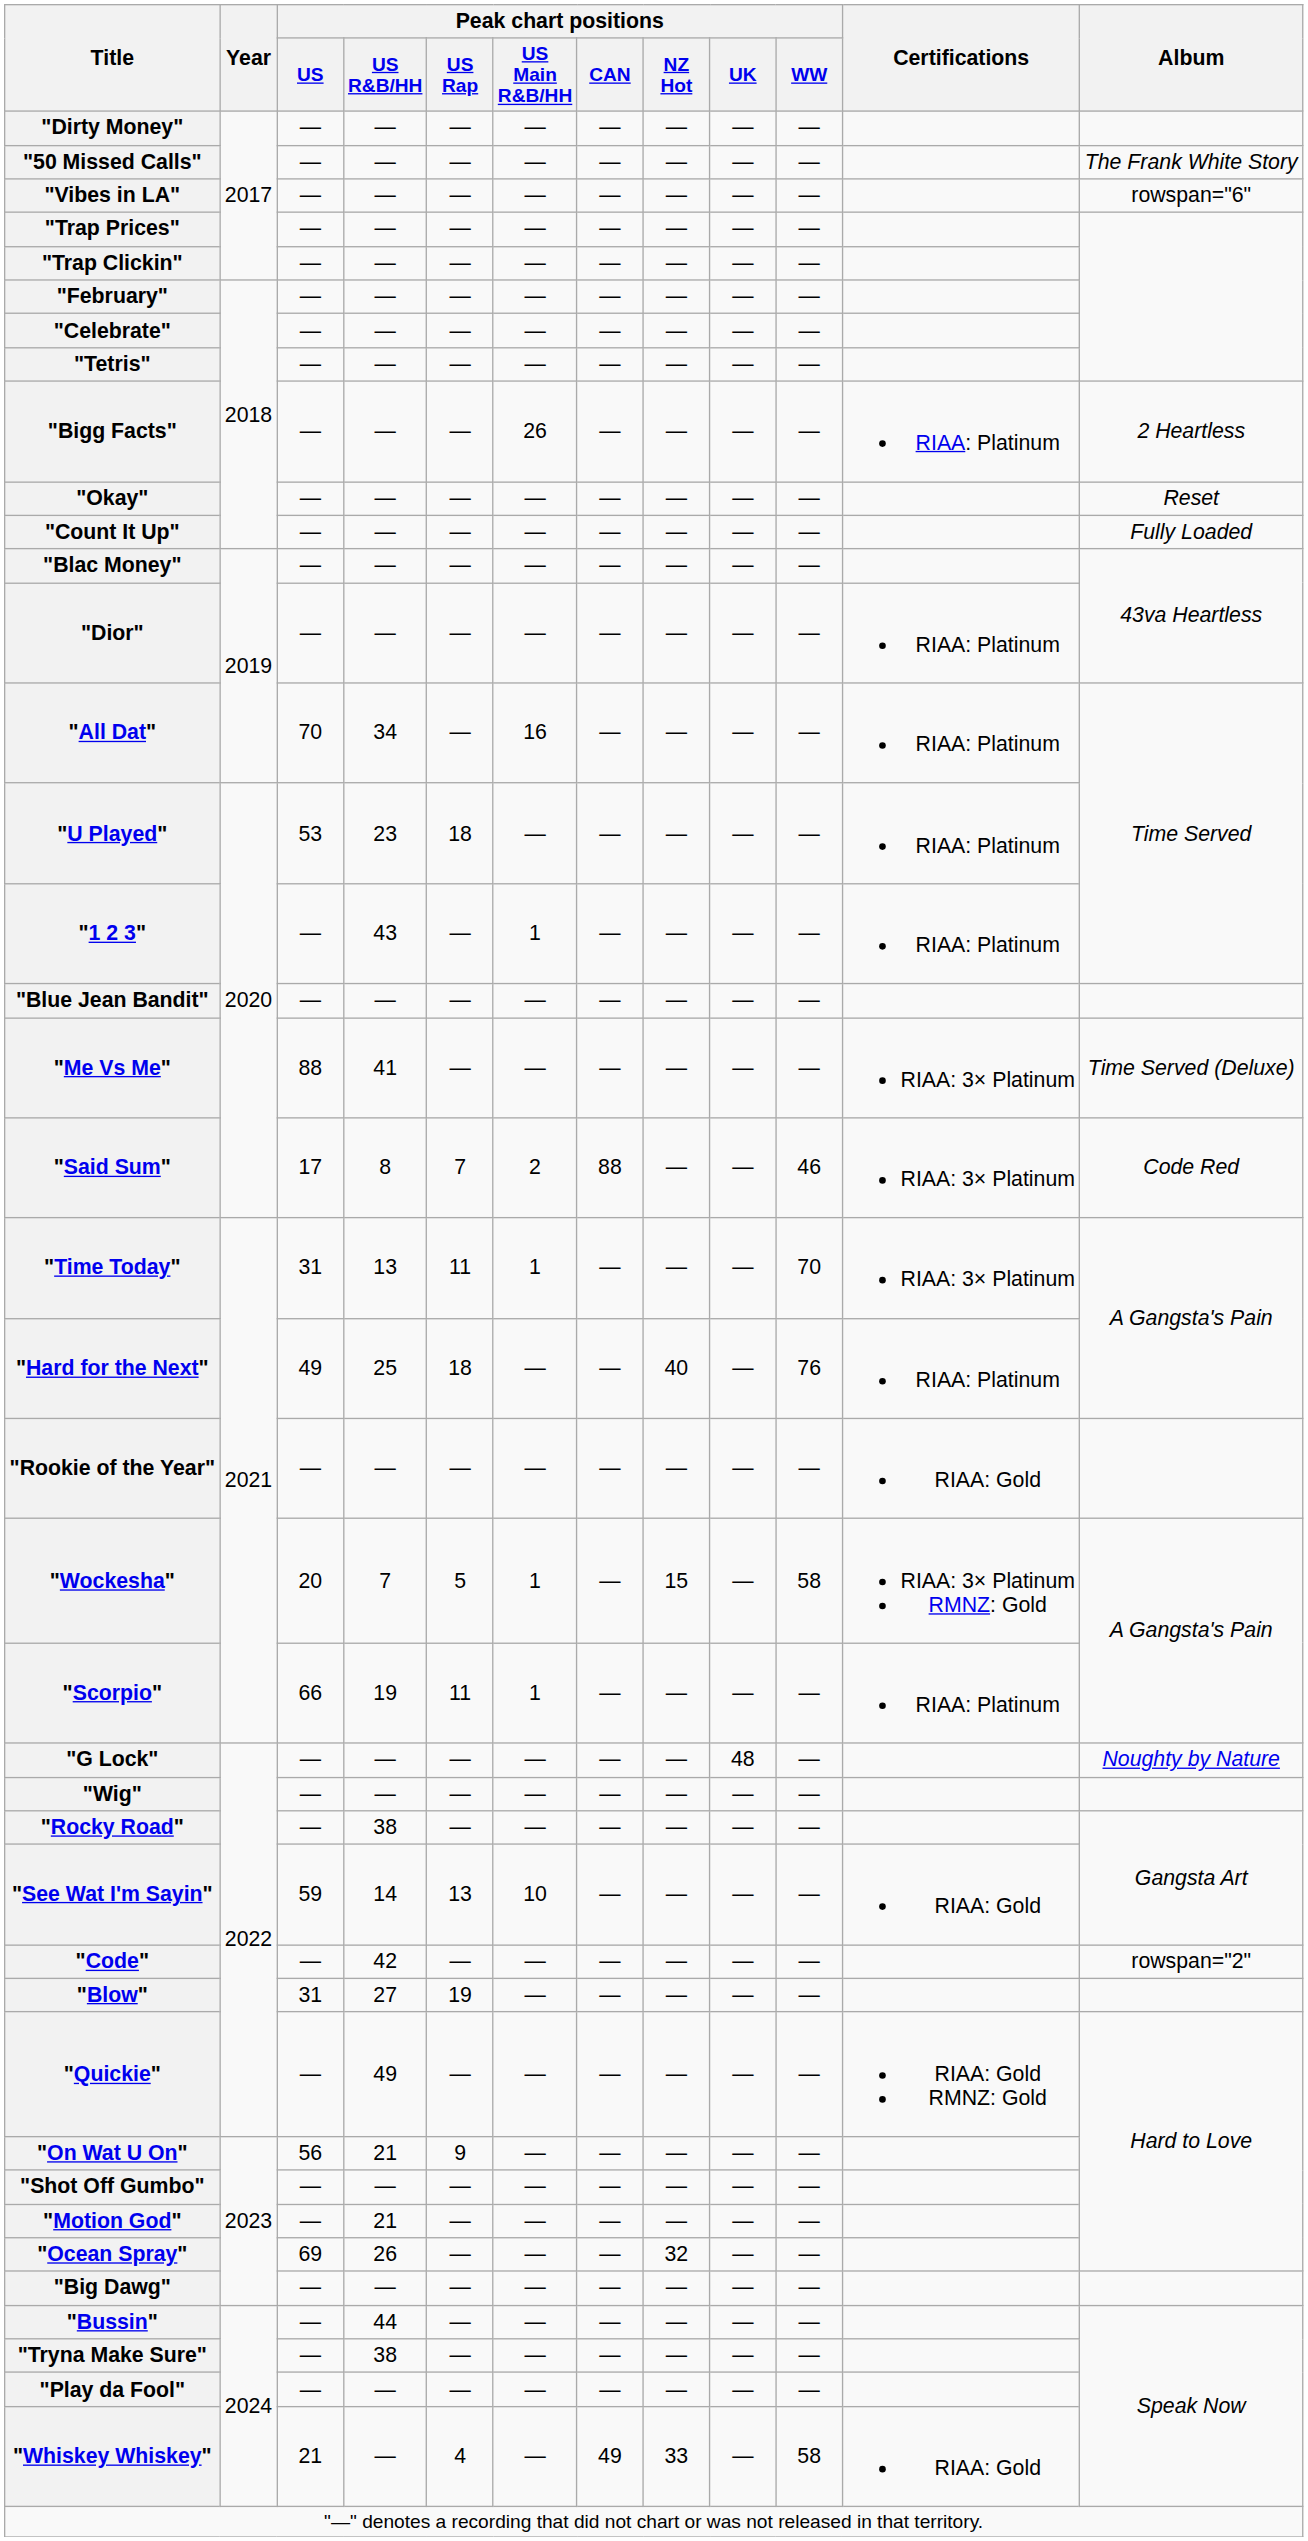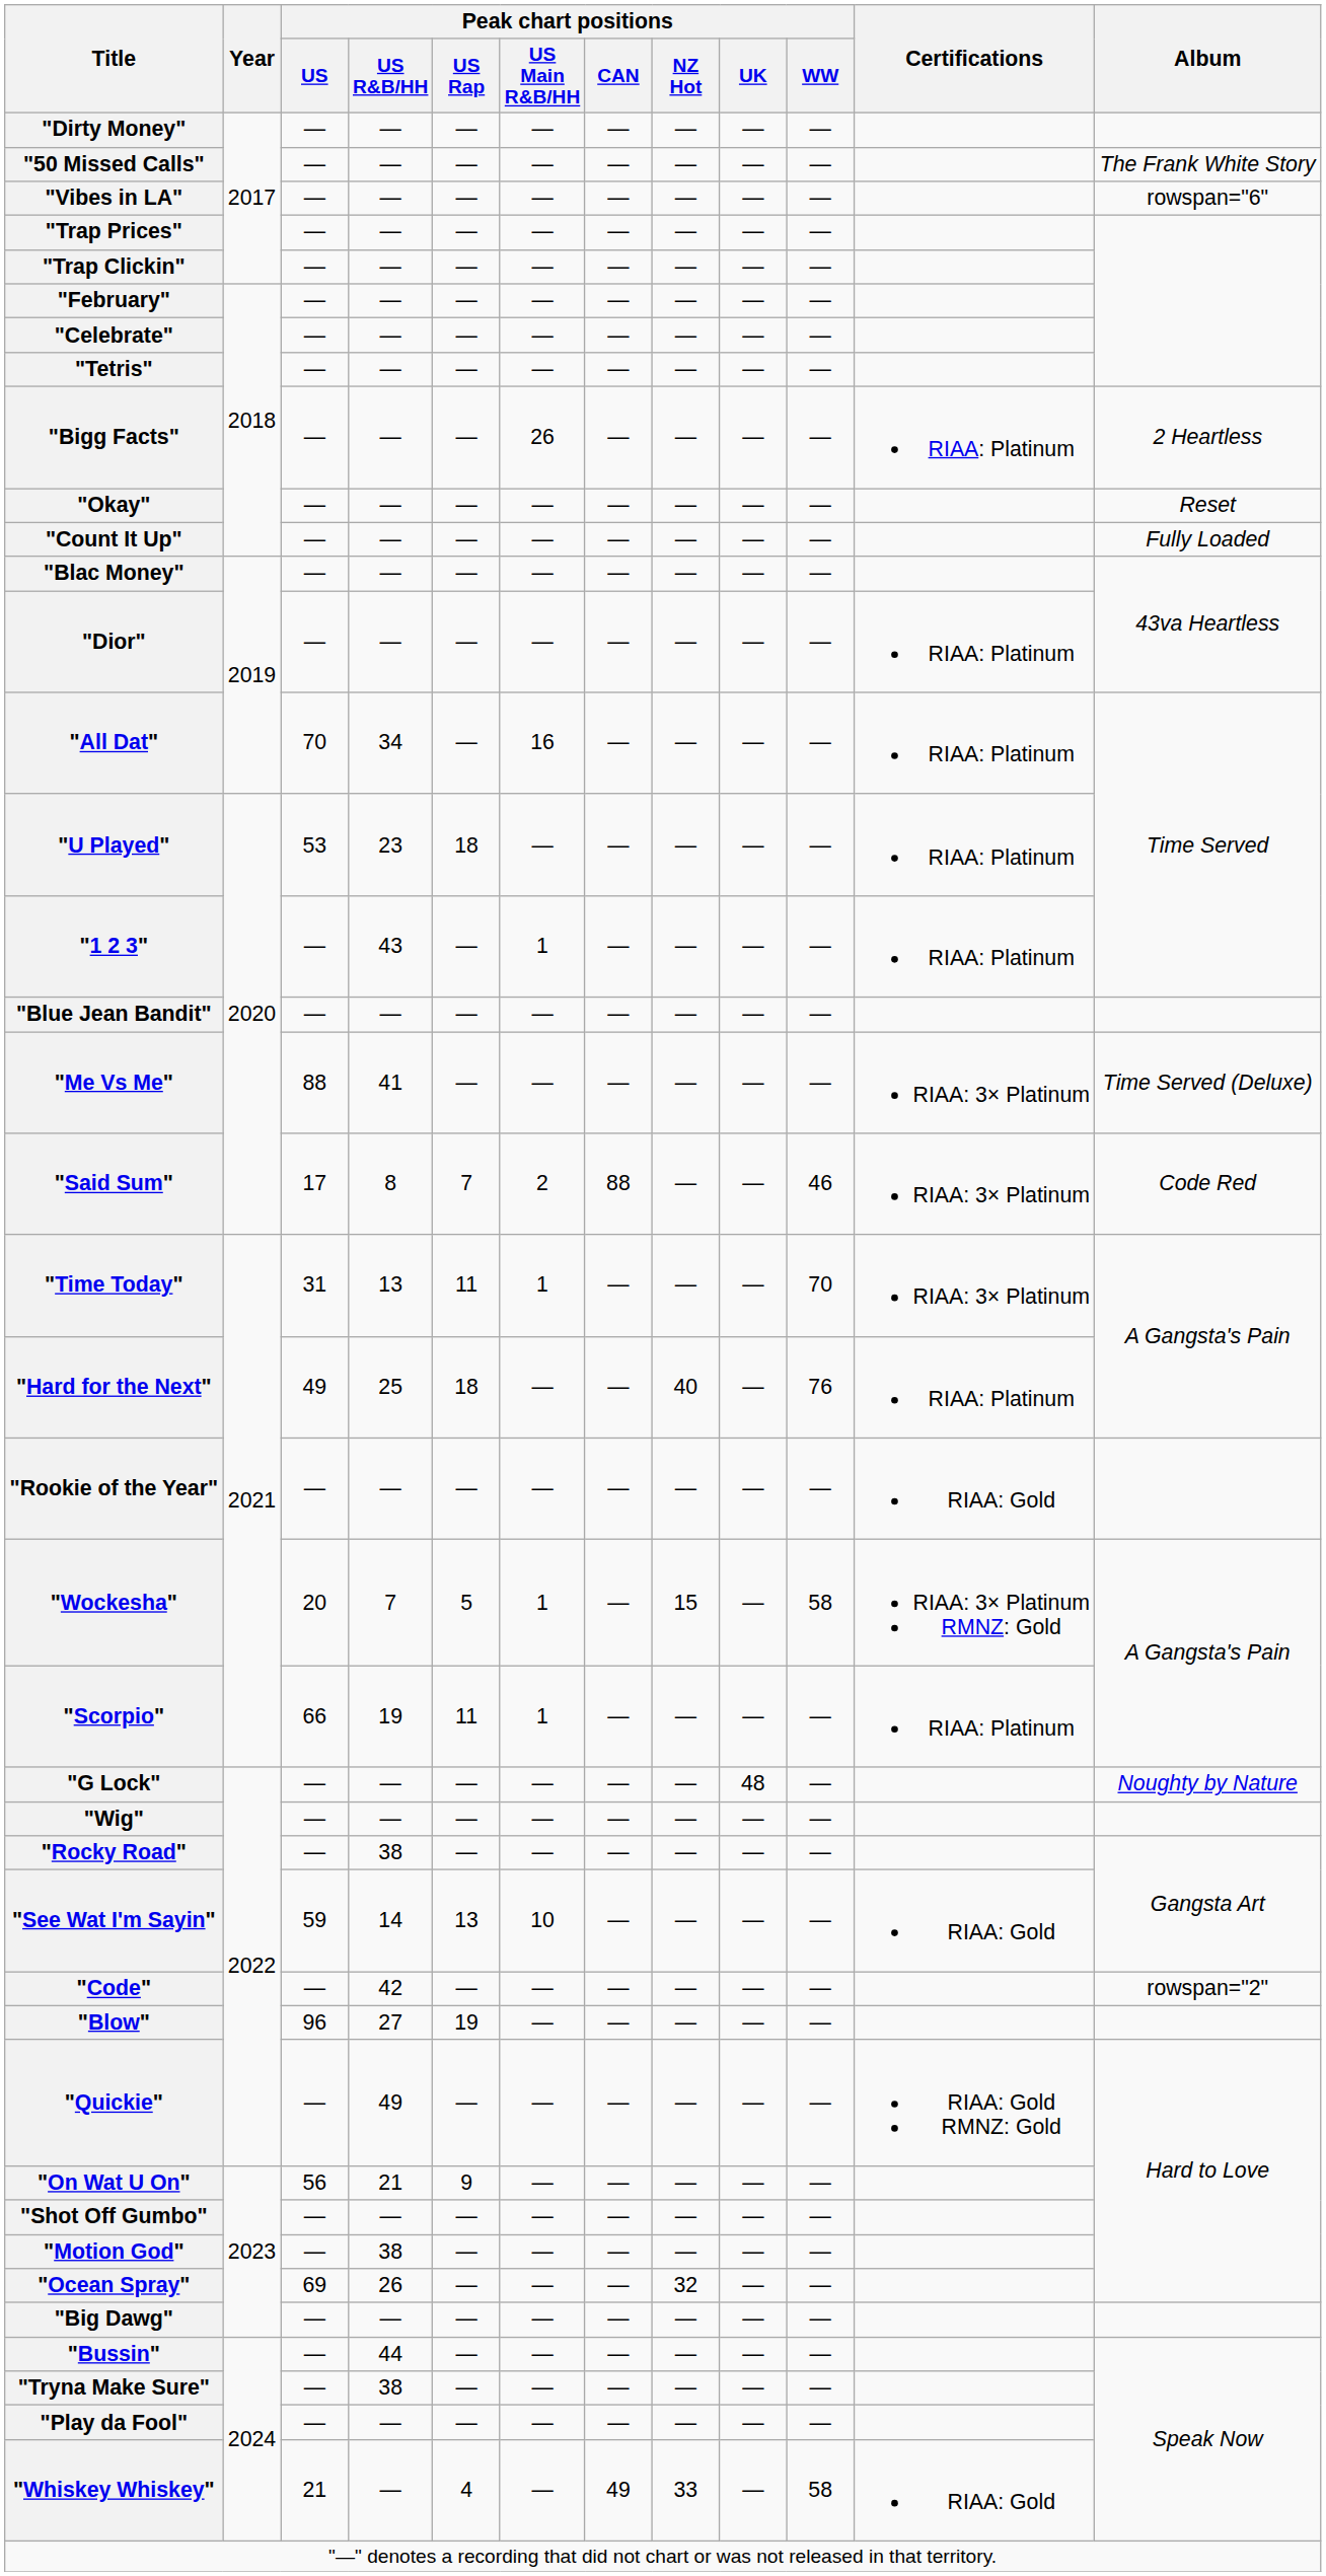 <table class="wikitable plainrowheaders" style="text-align:center">
 <tr>
 <th scope="col" rowspan="2">Title</th>
 <th scope="col" rowspan="2">Year</th>
 <th scope="col" colspan="8">Peak chart positions</th>
 <th scope="col" rowspan="2">Certifications</th>
 <th scope="col" rowspan="2">Album</th>
 </tr>
 <tr>
 <th scope="col" style="width:3em;font-size:90%;"><a href='#'>US</a><br></th>
 <th scope="col" style="width:3em;font-size:90%;"><a href='#'>US<br>R&B/HH</a><br></th>
 <th scope="col" style="width:3em;font-size:90%;"><a href='#'>US<br>Rap</a><br></th>
 <th scope="col" style="width:3em;font-size:90%;"><a href='#'>US<br>Main<br>R&B/HH</a><br></th>
 <th scope="col" style="width:3em;font-size:90%;"><a href='#'>CAN</a><br></th>
 <th scope="col" style="width:3em;font-size:90%;"><a href='#'>NZ<br>Hot</a><br></th>
 <th scope="col" style="width:3em;font-size:90%;"><a href='#'>UK</a><br></th>
 <th scope="col" style="width:3em;font-size:90%;"><a href='#'>WW</a><br></th>
 </tr>
 <tr>
 <th scope="row">"Dirty Money"<br></th>
 <td rowspan="5">2017</td>
 <td>—</td>
 <td>—</td>
 <td>—</td>
 <td>—</td>
 <td>—</td>
 <td>—</td>
 <td>—</td>
 <td>—</td>
 <td></td>
 <td></td>
 </tr>
 <tr>
 <th scope="row">"50 Missed Calls"<br></th>
 <td>—</td>
 <td>—</td>
 <td>—</td>
 <td>—</td>
 <td>—</td>
 <td>—</td>
 <td>—</td>
 <td>—</td>
 <td></td>
 <td><em>The Frank White Story</em></td>
 </tr>
 <tr>
 <th scope="row">"Vibes in LA"<br></th>
 <td>—</td>
 <td>—</td>
 <td>—</td>
 <td>—</td>
 <td>—</td>
 <td>—</td>
 <td>—</td>
 <td>—</td>
 <td></td>
 <td>rowspan="6" </td>
 </tr>
 <tr>
 <th scope="row">"Trap Prices"<br></th>
 <td>—</td>
 <td>—</td>
 <td>—</td>
 <td>—</td>
 <td>—</td>
 <td>—</td>
 <td>—</td>
 <td>—</td>
 <td></td>
 </tr>
 <tr>
 <th scope="row">"Trap Clickin"<br></th>
 <td>—</td>
 <td>—</td>
 <td>—</td>
 <td>—</td>
 <td>—</td>
 <td>—</td>
 <td>—</td>
 <td>—</td>
 <td></td>
 </tr>
 <tr>
 <th scope="row">"February"<br></th>
 <td rowspan="6">2018</td>
 <td>—</td>
 <td>—</td>
 <td>—</td>
 <td>—</td>
 <td>—</td>
 <td>—</td>
 <td>—</td>
 <td>—</td>
 <td></td>
 </tr>
 <tr>
 <th scope="row">"Celebrate"<br></th>
 <td>—</td>
 <td>—</td>
 <td>—</td>
 <td>—</td>
 <td>—</td>
 <td>—</td>
 <td>—</td>
 <td>—</td>
 <td></td>
 </tr>
 <tr>
 <th scope="row">"Tetris"<br></th>
 <td>—</td>
 <td>—</td>
 <td>—</td>
 <td>—</td>
 <td>—</td>
 <td>—</td>
 <td>—</td>
 <td>—</td>
 <td></td>
 </tr>
 <tr>
 <th scope="row">"Bigg Facts"</th>
 <td>—</td>
 <td>—</td>
 <td>—</td>
 <td>26</td>
 <td>—</td>
 <td>—</td>
 <td>—</td>
 <td>—</td>
 <td><br><ul><li><a href='#'>RIAA</a>: Platinum</li></ul></td>
 <td><em>2 Heartless</em></td>
 </tr>
 <tr>
 <th scope="row">"Okay"<br></th>
 <td>—</td>
 <td>—</td>
 <td>—</td>
 <td>—</td>
 <td>—</td>
 <td>—</td>
 <td>—</td>
 <td>—</td>
 <td></td>
 <td><em>Reset</em></td>
 </tr>
 <tr>
 <th scope="row">"Count It Up"<br></th>
 <td>—</td>
 <td>—</td>
 <td>—</td>
 <td>—</td>
 <td>—</td>
 <td>—</td>
 <td>—</td>
 <td>—</td>
 <td></td>
 <td><em>Fully Loaded</em></td>
 </tr>
 <tr>
 <th scope="row">"Blac Money"<br></th>
 <td rowspan="3">2019</td>
 <td>—</td>
 <td>—</td>
 <td>—</td>
 <td>—</td>
 <td>—</td>
 <td>—</td>
 <td>—</td>
 <td>—</td>
 <td></td>
 <td rowspan="2"><em>43va Heartless</em></td>
 </tr>
 <tr>
 <th scope="row">"Dior"<br></th>
 <td>—</td>
 <td>—</td>
 <td>—</td>
 <td>—</td>
 <td>—</td>
 <td>—</td>
 <td>—</td>
 <td>—</td>
 <td><br><ul><li>RIAA: Platinum</li></ul></td>
 </tr>
 <tr>
 <th scope="row">"<a href='#'>All Dat</a>"<br></th>
 <td>70</td>
 <td>34</td>
 <td>—</td>
 <td>16</td>
 <td>—</td>
 <td>—</td>
 <td>—</td>
 <td>—</td>
 <td><br><ul><li>RIAA: Platinum</li></ul></td>
 <td rowspan="3"><em>Time Served</em></td>
 </tr>
 <tr>
 <th scope="row">"<a href='#'>U Played</a>"<br></th>
 <td rowspan="5">2020</td>
 <td>53</td>
 <td>23</td>
 <td>18</td>
 <td>—</td>
 <td>—</td>
 <td>—</td>
 <td>—</td>
 <td>—</td>
 <td><br><ul><li>RIAA: Platinum</li></ul></td>
 </tr>
 <tr>
 <th scope="row">"<a href='#'>1 2 3</a>"<br></th>
 <td>—</td>
 <td>43</td>
 <td>—</td>
 <td>1</td>
 <td>—</td>
 <td>—</td>
 <td>—</td>
 <td>—</td>
 <td><br><ul><li>RIAA: Platinum</li></ul></td>
 </tr>
 <tr>
 <th scope="row">"Blue Jean Bandit"<br></th>
 <td>—</td>
 <td>—</td>
 <td>—</td>
 <td>—</td>
 <td>—</td>
 <td>—</td>
 <td>—</td>
 <td>—</td>
 <td></td>
 <td></td>
 </tr>
 <tr>
 <th scope="row">"<a href='#'>Me Vs Me</a>"</th>
 <td>88</td>
 <td>41</td>
 <td>—</td>
 <td>—</td>
 <td>—</td>
 <td>—</td>
 <td>—</td>
 <td>—</td>
 <td><br><ul><li>RIAA: 3× Platinum</li></ul></td>
 <td><em>Time Served (Deluxe)</em></td>
 </tr>
 <tr>
 <th scope="row">"<a href='#'>Said Sum</a>"<br></th>
 <td>17</td>
 <td>8</td>
 <td>7</td>
 <td>2</td>
 <td>88</td>
 <td>—</td>
 <td>—</td>
 <td>46</td>
 <td><br><ul><li>RIAA: 3× Platinum</li></ul></td>
 <td><em>Code Red</em></td>
 </tr>
 <tr>
 <th scope="row">"<a href='#'>Time Today</a>"</th>
 <td rowspan="5">2021</td>
 <td>31</td>
 <td>13</td>
 <td>11</td>
 <td>1</td>
 <td>—</td>
 <td>—</td>
 <td>—</td>
 <td>70</td>
 <td><br><ul><li>RIAA: 3× Platinum</li></ul></td>
 <td rowspan="2"><em>A Gangsta's Pain</em></td>
 </tr>
 <tr>
 <th scope="row">"<a href='#'>Hard for the Next</a>"<br></th>
 <td>49</td>
 <td>25</td>
 <td>18</td>
 <td>—</td>
 <td>—</td>
 <td>40</td>
 <td>—</td>
 <td>76</td>
 <td><br><ul><li>RIAA: Platinum</li></ul></td>
 </tr>
 <tr>
 <th scope="row">"Rookie of the Year"</th>
 <td>—</td>
 <td>—</td>
 <td>—</td>
 <td>—</td>
 <td>—</td>
 <td>—</td>
 <td>—</td>
 <td>—</td>
 <td><br><ul><li>RIAA: Gold</li></ul></td>
 <td></td>
 </tr>
 <tr>
 <th scope="row">"<a href='#'>Wockesha</a>"</th>
 <td>20</td>
 <td>7</td>
 <td>5</td>
 <td>1</td>
 <td>—</td>
 <td>15</td>
 <td>—</td>
 <td>58</td>
 <td><br><ul><li>RIAA: 3× Platinum</li><li><a href='#'>RMNZ</a>: Gold</li></ul></td>
 <td rowspan="2"><em>A Gangsta's Pain</em></td>
 </tr>
 <tr>
 <th scope="row">"<a href='#'>Scorpio</a>"</th>
 <td>66</td>
 <td>19</td>
 <td>11</td>
 <td>1</td>
 <td>—</td>
 <td>—</td>
 <td>—</td>
 <td>—</td>
 <td><br><ul><li>RIAA: Platinum</li></ul></td>
 </tr>
 <tr>
 <th scope="row">"G Lock"<br></th>
 <td rowspan="7">2022</td>
 <td>—</td>
 <td>—</td>
 <td>—</td>
 <td>—</td>
 <td>—</td>
 <td>—</td>
 <td>48</td>
 <td>—</td>
 <td></td>
 <td><em><a href='#'>Noughty by Nature</a></em></td>
 </tr>
 <tr>
 <th scope="row">"Wig"<br></th>
 <td>—</td>
 <td>—</td>
 <td>—</td>
 <td>—</td>
 <td>—</td>
 <td>—</td>
 <td>—</td>
 <td>—</td>
 <td></td>
 <td></td>
 </tr>
 <tr>
 <th scope="row">"<a href='#'>Rocky Road</a>"<br></th>
 <td>—</td>
 <td>38</td>
 <td>—</td>
 <td>—</td>
 <td>—</td>
 <td>—</td>
 <td>—</td>
 <td>—</td>
 <td></td>
 <td rowspan="2"><em>Gangsta Art</em></td>
 </tr>
 <tr>
 <th scope="row">"<a href='#'>See Wat I'm Sayin</a>"</th>
 <td>59</td>
 <td>14</td>
 <td>13</td>
 <td>10</td>
 <td>—</td>
 <td>—</td>
 <td>—</td>
 <td>—</td>
 <td><br><ul><li>RIAA: Gold</li></ul></td>
 </tr>
 <tr>
 <th scope="row">"<a href='#'>Code</a>"<br></th>
 <td>—</td>
 <td>42</td>
 <td>—</td>
 <td>—</td>
 <td>—</td>
 <td>—</td>
 <td>—</td>
 <td>—</td>
 <td></td>
 <td>rowspan="2" </td>
 </tr>
 <tr>
 <th scope="row">"<a href='#'>Blow</a>"</th>
-<td>31</td>
+<td>96</td>
 <td>27</td>
 <td>19</td>
 <td>—</td>
 <td>—</td>
 <td>—</td>
 <td>—</td>
 <td>—</td>
 <td></td>
 </tr>
 <tr>
 <th scope="row">"<a href='#'>Quickie</a>"</th>
 <td>—</td>
 <td>49</td>
 <td>—</td>
 <td>—</td>
 <td>—</td>
 <td>—</td>
 <td>—</td>
 <td>—</td>
 <td><br><ul><li>RIAA: Gold</li><li>RMNZ: Gold</li></ul></td>
 <td rowspan="5"><em>Hard to Love</em></td>
 </tr>
 <tr>
 <th scope="row">"<a href='#'>On Wat U On</a>"<br></th>
 <td rowspan="5">2023</td>
 <td>56</td>
 <td>21</td>
 <td>9</td>
 <td>—</td>
 <td>—</td>
 <td>—</td>
 <td>—</td>
 <td>—</td>
 <td></td>
 </tr>
 <tr>
 <th scope="row">"Shot Off Gumbo"<br></th>
 <td>—</td>
 <td>—</td>
 <td>—</td>
 <td>—</td>
 <td>—</td>
 <td>—</td>
 <td>—</td>
 <td>—</td>
 <td></td>
 </tr>
 <tr>
 <th scope="row">"<a href='#'>Motion God</a>"</th>
 <td>—</td>
-<td>21</td>
+<td>38</td>
 <td>—</td>
 <td>—</td>
 <td>—</td>
 <td>—</td>
 <td>—</td>
 <td>—</td>
 <td></td>
 </tr>
 <tr>
 <th scope="row">"<a href='#'>Ocean Spray</a>"</th>
 <td>69</td>
 <td>26</td>
 <td>—</td>
 <td>—</td>
 <td>—</td>
 <td>32</td>
 <td>—</td>
 <td>—</td>
 <td></td>
 </tr>
 <tr>
 <th scope="row">"Big Dawg" <br></th>
 <td>—</td>
 <td>—</td>
 <td>—</td>
 <td>—</td>
 <td>—</td>
 <td>—</td>
 <td>—</td>
 <td>—</td>
 <td></td>
 <td></td>
 </tr>
 <tr>
 <th scope="row">"<a href='#'>Bussin</a>"<br></th>
 <td rowspan="4">2024</td>
 <td>—</td>
 <td>44</td>
 <td>—</td>
 <td>—</td>
 <td>—</td>
 <td>—</td>
 <td>—</td>
 <td>—</td>
 <td></td>
 <td rowspan="4"><em>Speak Now</em></td>
 </tr>
 <tr>
 <th scope="row">"Tryna Make Sure"</th>
 <td>—</td>
 <td>38</td>
 <td>—</td>
 <td>—</td>
 <td>—</td>
 <td>—</td>
 <td>—</td>
 <td>—</td>
 <td></td>
 </tr>
 <tr>
 <th scope="row">"Play da Fool"</th>
 <td>—</td>
 <td>—</td>
 <td>—</td>
 <td>—</td>
 <td>—</td>
 <td>—</td>
 <td>—</td>
 <td>—</td>
 <td></td>
 </tr>
 <tr>
 <th scope="row">"<a href='#'>Whiskey Whiskey</a>"<br></th>
 <td>21</td>
 <td>—</td>
 <td>4</td>
 <td>—</td>
 <td>49</td>
 <td>33</td>
 <td>—</td>
 <td>58</td>
 <td><br><ul><li>RIAA: Gold</li></ul></td>
 </tr>
 <tr>
 <td colspan="12" style="font-size:90%">"—" denotes a recording that did not chart or was not released in that territory.</td>
 </tr>
 </table>
